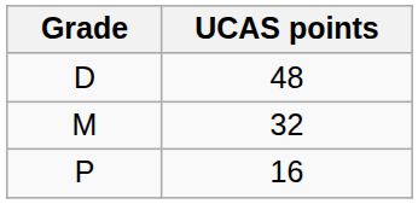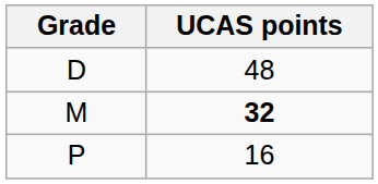 <table class="wikitable" border="1" style="text-align:center; margin-left:1em;">
 <tr>
 <th width="75">Grade</th>
 <th width="125">UCAS points</th>
 </tr>
 <tr>
 <td align="center">D</td>
 <td>48</td>
 </tr>
 <tr>
 <td align="center">M</td>
-<td>32</td>
+<td><strong>32</strong></td>
 </tr>
 <tr>
 <td align="center">P</td>
 <td>16</td>
 </tr>
 </table>
